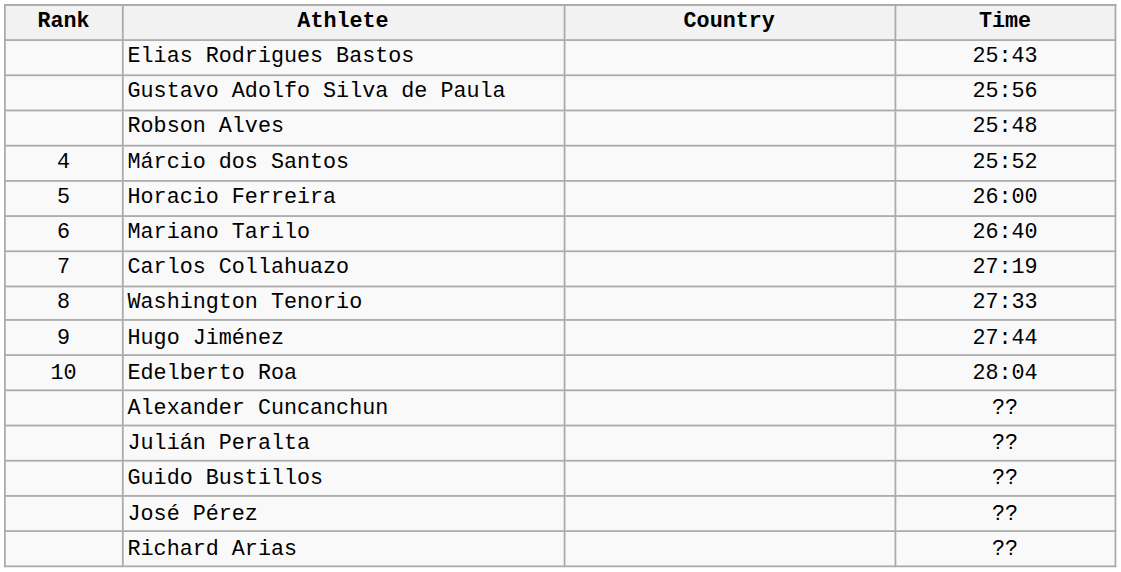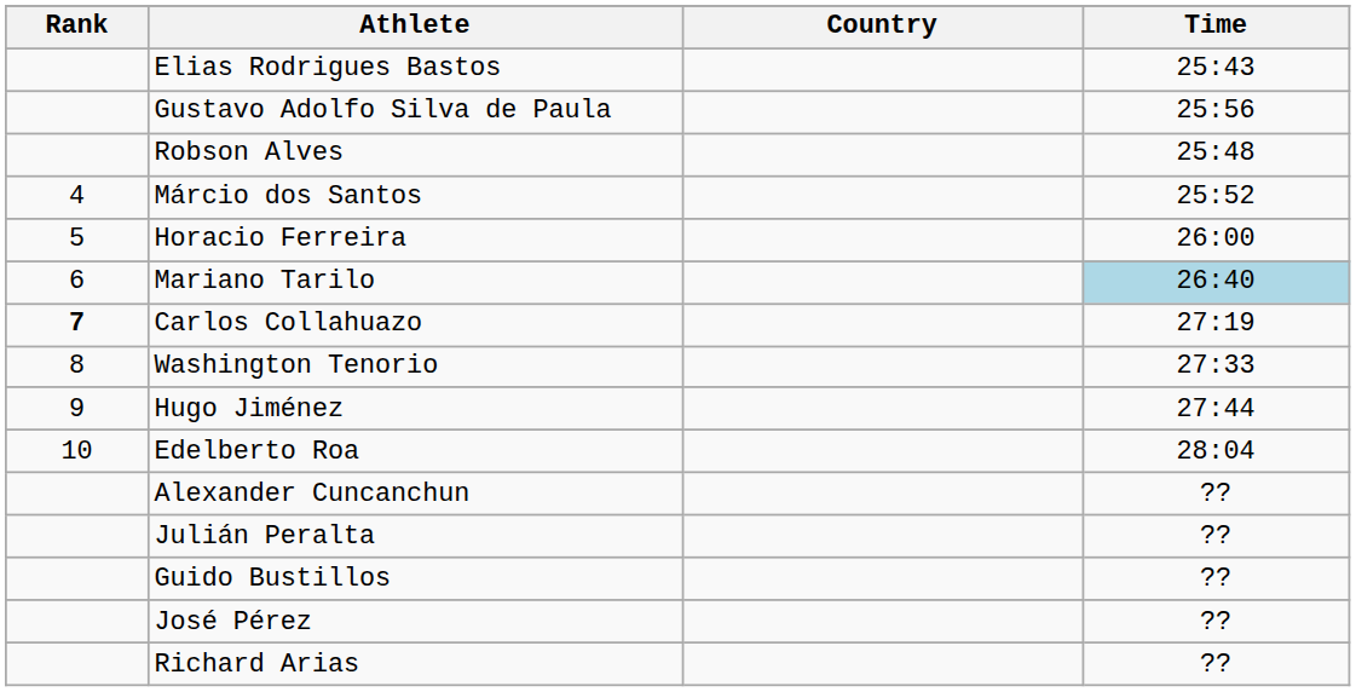 <table class="wikitable sortable" style=" text-align:center; font-size:95%;" width="50%">
 <tr>
 </tr>
 <tr>
 <th width=5%>Rank</th>
 <th width=20%>Athlete</th>
 <th width=15%>Country</th>
 <th width=10%>Time</th>
 </tr>
 <tr>
 <td align=center></td>
 <td align=left>Elias Rodrigues Bastos</td>
 <td align=left></td>
 <td>25:43</td>
 </tr>
 <tr>
 <td align=center></td>
 <td align=left>Gustavo Adolfo Silva de Paula</td>
 <td align=left></td>
 <td>25:56</td>
 </tr>
 <tr>
 <td align=center></td>
 <td align=left>Robson Alves</td>
 <td align=left></td>
 <td>25:48</td>
 </tr>
 <tr>
 <td align=center>4</td>
 <td align=left>Márcio dos Santos</td>
 <td align=left></td>
 <td>25:52</td>
 </tr>
 <tr>
 <td align=center>5</td>
 <td align=left>Horacio Ferreira</td>
 <td align=left></td>
 <td>26:00</td>
 </tr>
 <tr>
 <td align=center>6</td>
 <td align=left>Mariano Tarilo</td>
 <td align=left></td>
-<td>26:40</td>
+<td style="background: lightblue;">26:40</td>
 </tr>
 <tr>
-<td align=center>7</td>
+<td align=center><strong>7</strong></td>
 <td align=left>Carlos Collahuazo</td>
 <td align=left></td>
 <td>27:19</td>
 </tr>
 <tr>
 <td align=center>8</td>
 <td align=left>Washington Tenorio</td>
 <td align=left></td>
 <td>27:33</td>
 </tr>
 <tr>
 <td align=center>9</td>
 <td align=left>Hugo Jiménez</td>
 <td align=left></td>
 <td>27:44</td>
 </tr>
 <tr>
 <td align=center>10</td>
 <td align=left>Edelberto Roa</td>
 <td align=left></td>
 <td>28:04</td>
 </tr>
 <tr>
 <td align=center></td>
 <td align=left>Alexander Cuncanchun</td>
 <td align=left></td>
 <td>??</td>
 </tr>
 <tr>
 <td align=center></td>
 <td align=left>Julián Peralta</td>
 <td align=left></td>
 <td>??</td>
 </tr>
 <tr>
 <td align=center></td>
 <td align=left>Guido Bustillos</td>
 <td align=left></td>
 <td>??</td>
 </tr>
 <tr>
 <td align=center></td>
 <td align=left>José Pérez</td>
 <td align=left></td>
 <td>??</td>
 </tr>
 <tr>
 <td align=center></td>
 <td align=left>Richard Arias</td>
 <td align=left></td>
 <td>??</td>
 </tr>
 </table>
